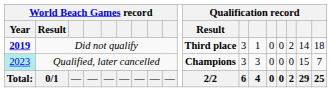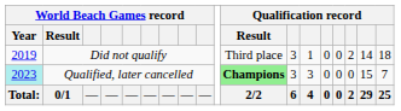 <table class="wikitable" style="text-align: center;">
 <tr>
 <th colspan=9><a href='#'>World Beach Games</a> record</th>
 <th rowspan="5" style="background:white"></th>
 <th colspan="8">Qualification record</th>
 </tr>
 <tr>
 <th>Year</th>
 <th>Result</th>
 <th></th>
 <th width=20></th>
 <th></th>
 <th></th>
 <th></th>
 <th></th>
 <th></th>
 <th>Result</th>
 <th></th>
 <th width=20></th>
 <th></th>
 <th></th>
 <th></th>
 <th></th>
 <th></th>
 </tr>
 <tr>
-<td><strong> <a href='#'>2019</a></strong></td>
+<td> <a href='#'>2019</a></td>
 <td colspan=8><em>Did not qualify</em></td>
-<td><strong>Third place</strong></td>
+<td>Third place</td>
 <td>3</td>
 <td>1</td>
 <td>0</td>
 <td>0</td>
 <td>2</td>
 <td>14</td>
 <td>18</td>
 </tr>
 <tr>
 <td style="background: paleturquoise;"> <a href='#'>2023</a></td>
 <td colspan=8><em>Qualified, later cancelled</em></td>
-<td><strong>Champions</strong></td>
+<td style="background: lightgreen;"><strong>Champions</strong></td>
 <td>3</td>
 <td>3</td>
 <td>0</td>
 <td>0</td>
 <td>0</td>
 <td>15</td>
 <td>7</td>
 </tr>
 <tr>
 <th>Total:</th>
 <th>0/1</th>
 <th>—</th>
 <th>—</th>
 <th>—</th>
 <th>—</th>
 <th>—</th>
 <th>—</th>
 <th>—</th>
 <th>2/2</th>
 <th>6</th>
 <th>4</th>
 <th>0</th>
 <th>0</th>
 <th>2</th>
 <th>29</th>
 <th>25</th>
 </tr>
 </table>
